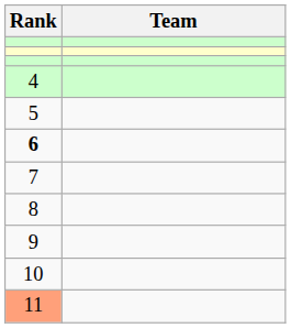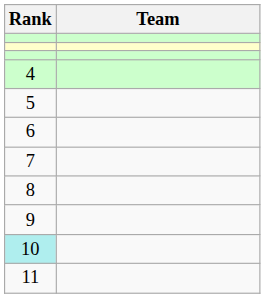 <table class="wikitable">
 <tr>
 <th>Rank</th>
 <th width=170>Team</th>
 </tr>
 <tr bgcolor=#ccffcc>
 <td align=center></td>
 <td></td>
 </tr>
 <tr bgcolor=#ffffcc>
 <td align=center></td>
 <td></td>
 </tr>
 <tr bgcolor=#ccffcc>
 <td align=center></td>
 <td></td>
 </tr>
 <tr bgcolor=#ccffcc>
 <td align=center>4</td>
 <td></td>
 </tr>
 <tr>
 <td align=center>5</td>
 <td></td>
 </tr>
 <tr>
-<td align=center><strong>6</strong></td>
+<td align=center>6</td>
 <td></td>
 </tr>
 <tr>
 <td align=center>7</td>
 <td></td>
 </tr>
 <tr>
 <td align=center>8</td>
 <td></td>
 </tr>
 <tr>
 <td align=center>9</td>
 <td></td>
 </tr>
 <tr>
-<td align=center>10</td>
+<td align=center style="background: paleturquoise;">10</td>
 <td></td>
 </tr>
 <tr>
-<td align=center style="background: lightsalmon;">11</td>
+<td align=center>11</td>
 <td></td>
 </tr>
 </table>
